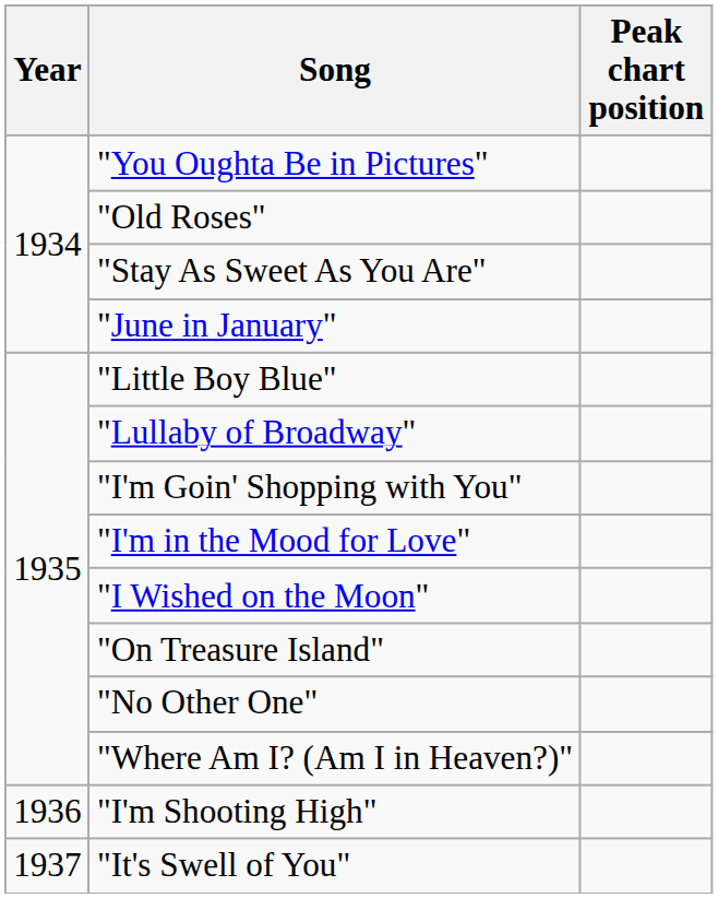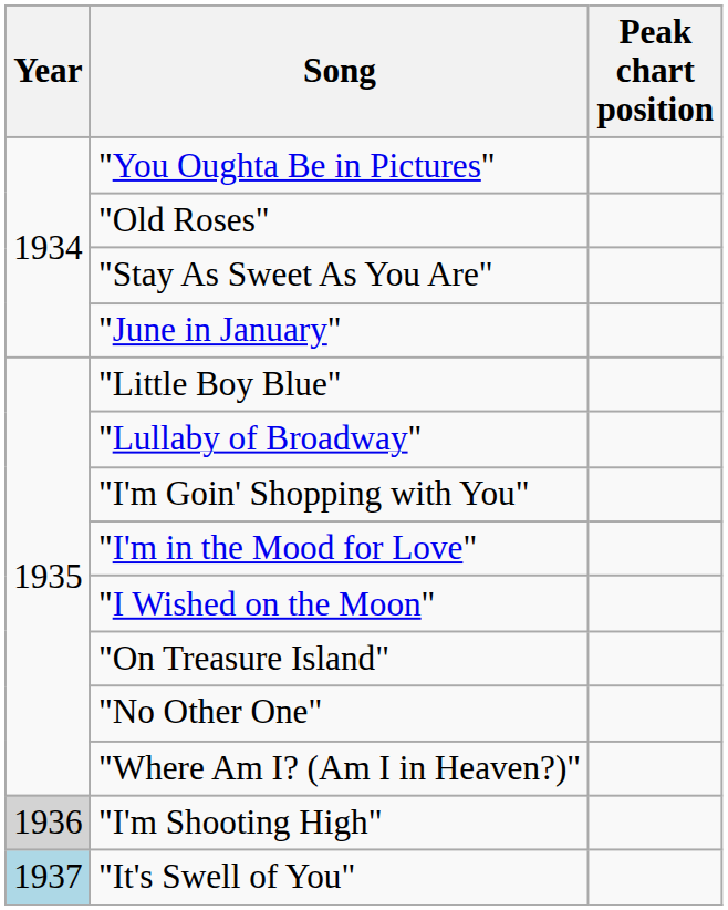 <table class="wikitable">
 <tr>
 <th>Year</th>
 <th>Song</th>
 <th>Peak <br> chart <br> position</th>
 </tr>
 <tr>
 <td rowspan="4">1934</td>
 <td>"<a href='#'>You Oughta Be in Pictures</a>"</td>
 <td></td>
 </tr>
 <tr>
 <td>"Old Roses"</td>
 <td></td>
 </tr>
 <tr>
 <td>"Stay As Sweet As You Are"</td>
 <td></td>
 </tr>
 <tr>
 <td>"<a href='#'>June in January</a>"</td>
 <td></td>
 </tr>
 <tr>
 <td rowspan="8">1935</td>
 <td>"Little Boy Blue"</td>
 <td></td>
 </tr>
 <tr>
 <td>"<a href='#'>Lullaby of Broadway</a>"</td>
 <td></td>
 </tr>
 <tr>
 <td>"I'm Goin' Shopping with You"</td>
 <td></td>
 </tr>
 <tr>
 <td>"<a href='#'>I'm in the Mood for Love</a>"</td>
 <td></td>
 </tr>
 <tr>
 <td>"<a href='#'>I Wished on the Moon</a>"</td>
 <td></td>
 </tr>
 <tr>
 <td>"On Treasure Island"</td>
 <td></td>
 </tr>
 <tr>
 <td>"No Other One"</td>
 <td></td>
 </tr>
 <tr>
 <td>"Where Am I? (Am I in Heaven?)"</td>
 <td></td>
 </tr>
 <tr>
-<td rowspan="1">1936</td>
+<td rowspan="1" style="background: lightgrey;">1936</td>
 <td>"I'm Shooting High"</td>
 <td></td>
 </tr>
 <tr>
-<td rowspan="1">1937</td>
+<td rowspan="1" style="background: lightblue;">1937</td>
 <td>"It's Swell of You"</td>
 <td></td>
 </tr>
 <tr>
 </tr>
 </table>
